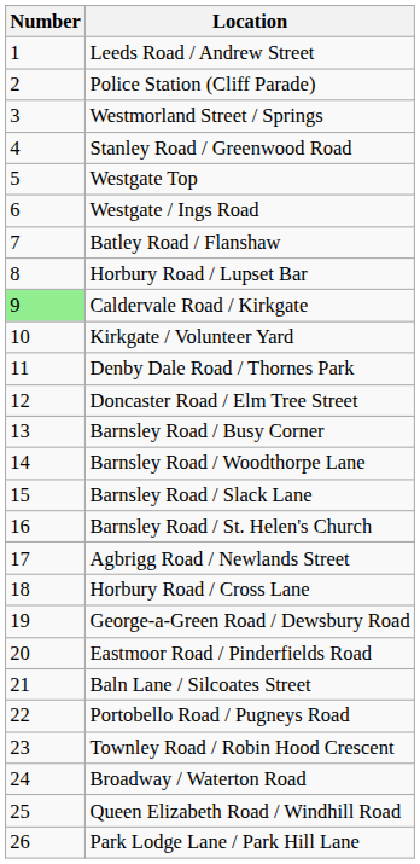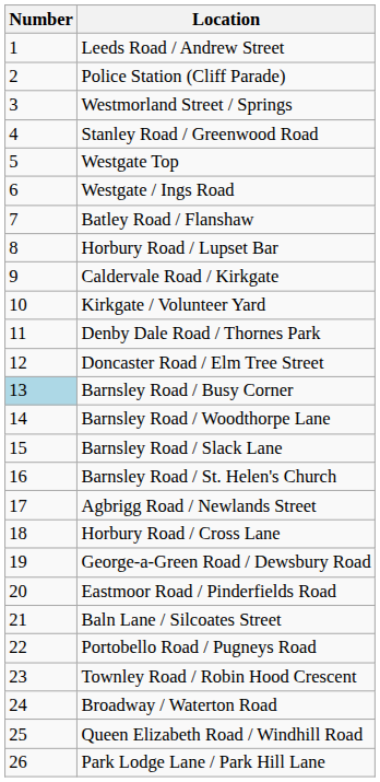 <table class="wikitable">
 <tr>
 <th>Number</th>
 <th>Location</th>
 </tr>
 <tr>
 <td>1</td>
 <td>Leeds Road / Andrew Street</td>
 </tr>
 <tr>
 <td>2</td>
 <td>Police Station (Cliff Parade)</td>
 </tr>
 <tr>
 <td>3</td>
 <td>Westmorland Street / Springs</td>
 </tr>
 <tr>
 <td>4</td>
 <td>Stanley Road / Greenwood Road</td>
 </tr>
 <tr>
 <td>5</td>
 <td>Westgate Top</td>
 </tr>
 <tr>
 <td>6</td>
 <td>Westgate / Ings Road</td>
 </tr>
 <tr>
 <td>7</td>
 <td>Batley Road / Flanshaw</td>
 </tr>
 <tr>
 <td>8</td>
 <td>Horbury Road / Lupset Bar</td>
 </tr>
 <tr>
-<td style="background: lightgreen;">9</td>
+<td>9</td>
 <td>Caldervale Road / Kirkgate</td>
 </tr>
 <tr>
 <td>10</td>
 <td>Kirkgate / Volunteer Yard</td>
 </tr>
 <tr>
 <td>11</td>
 <td>Denby Dale Road / Thornes Park</td>
 </tr>
 <tr>
 <td>12</td>
 <td>Doncaster Road / Elm Tree Street</td>
 </tr>
 <tr>
-<td>13</td>
+<td style="background: lightblue;">13</td>
 <td>Barnsley Road / Busy Corner</td>
 </tr>
 <tr>
 <td>14</td>
 <td>Barnsley Road / Woodthorpe Lane</td>
 </tr>
 <tr>
 <td>15</td>
 <td>Barnsley Road / Slack Lane</td>
 </tr>
 <tr>
 <td>16</td>
 <td>Barnsley Road / St. Helen's Church</td>
 </tr>
 <tr>
 <td>17</td>
 <td>Agbrigg Road / Newlands Street</td>
 </tr>
 <tr>
 <td>18</td>
 <td>Horbury Road / Cross Lane</td>
 </tr>
 <tr>
 <td>19</td>
 <td>George-a-Green Road / Dewsbury Road</td>
 </tr>
 <tr>
 <td>20</td>
 <td>Eastmoor Road / Pinderfields Road</td>
 </tr>
 <tr>
 <td>21</td>
 <td>Baln Lane / Silcoates Street</td>
 </tr>
 <tr>
 <td>22</td>
 <td>Portobello Road / Pugneys Road</td>
 </tr>
 <tr>
 <td>23</td>
 <td>Townley Road / Robin Hood Crescent</td>
 </tr>
 <tr>
 <td>24</td>
 <td>Broadway / Waterton Road</td>
 </tr>
 <tr>
 <td>25</td>
 <td>Queen Elizabeth Road / Windhill Road</td>
 </tr>
 <tr>
 <td>26</td>
 <td>Park Lodge Lane / Park Hill Lane</td>
 </tr>
 </table>
